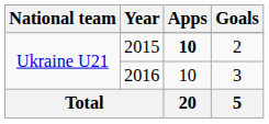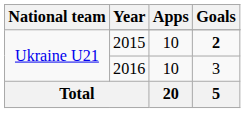 <table class=wikitable style=text-align:center>
 <tr>
 <th>National team</th>
 <th>Year</th>
 <th>Apps</th>
 <th>Goals</th>
 </tr>
 <tr>
 <td rowspan=3><a href='#'>Ukraine U21</a></td>
 </tr>
 <tr>
 <td>2015</td>
-<td><strong>10</strong></td>
-<td>2</td>
+<td>10</td>
+<td><strong>2</strong></td>
 </tr>
 <tr>
 <td>2016</td>
 <td>10</td>
 <td>3</td>
 </tr>
 <tr>
 <th colspan=2>Total</th>
 <th>20</th>
 <th>5</th>
 </tr>
 </table>
